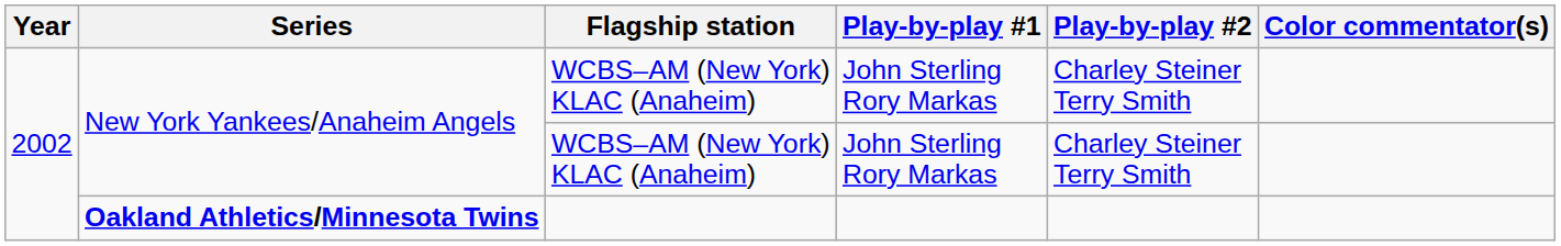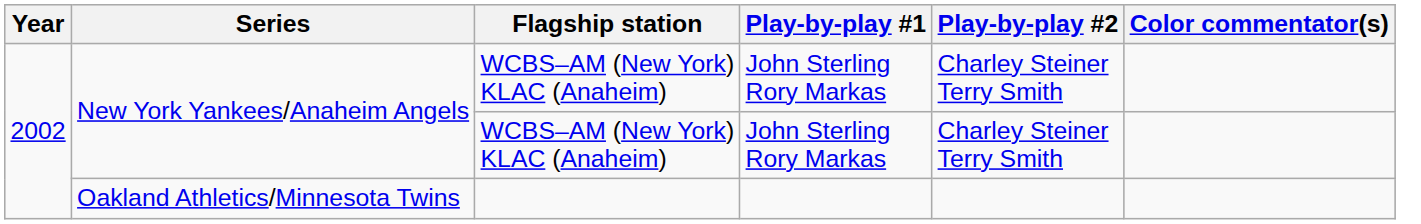 <table class="wikitable">
 <tr>
 <th>Year</th>
 <th>Series</th>
 <th>Flagship station</th>
 <th><a href='#'>Play-by-play</a> #1</th>
 <th><a href='#'>Play-by-play</a> #2</th>
 <th><a href='#'>Color commentator</a>(s)</th>
 </tr>
 <tr>
 <td rowspan="3"><a href='#'>2002</a></td>
 <td rowspan="2"><a href='#'>New York Yankees</a>/<a href='#'>Anaheim Angels</a></td>
 <td><a href='#'>WCBS–AM</a> (<a href='#'>New York</a>)<br><a href='#'>KLAC</a> (<a href='#'>Anaheim</a>)</td>
 <td><a href='#'>John Sterling</a><br><a href='#'>Rory Markas</a></td>
 <td><a href='#'>Charley Steiner</a><br><a href='#'>Terry Smith</a></td>
 <td></td>
 </tr>
 <tr>
 <td><a href='#'>WCBS–AM</a> (<a href='#'>New York</a>)<br><a href='#'>KLAC</a> (<a href='#'>Anaheim</a>)</td>
 <td><a href='#'>John Sterling</a><br><a href='#'>Rory Markas</a></td>
 <td><a href='#'>Charley Steiner</a><br><a href='#'>Terry Smith</a></td>
 <td></td>
 </tr>
 <tr>
-<td><strong><a href='#'>Oakland Athletics</a>/<a href='#'>Minnesota Twins</a></strong></td>
+<td><a href='#'>Oakland Athletics</a>/<a href='#'>Minnesota Twins</a></td>
 <td></td>
 <td></td>
 <td></td>
 <td></td>
 </tr>
 </table>
